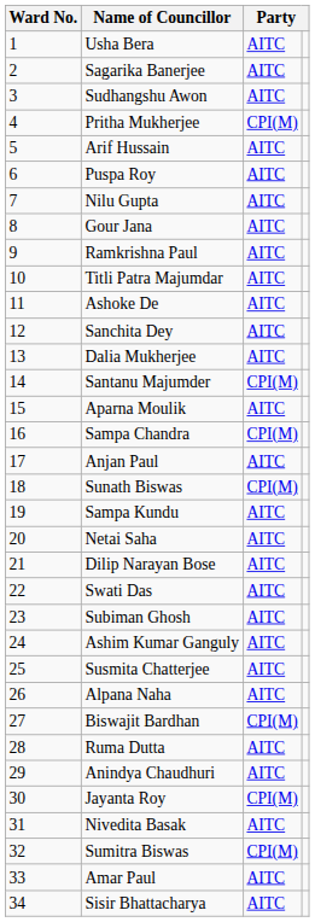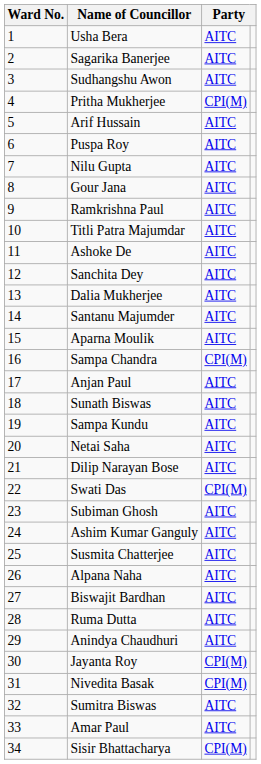 <table class="wikitable">
 <tr>
 <th>Ward No.</th>
 <th>Name of Councillor</th>
 <th colspan="2">Party</th>
 </tr>
 <tr>
 <td>1</td>
 <td>Usha Bera</td>
 <td><a href='#'>AITC</a></td>
 <td style="background-color: "></td>
 </tr>
 <tr>
 <td>2</td>
 <td>Sagarika Banerjee</td>
 <td><a href='#'>AITC</a></td>
 <td style="background-color: "></td>
 </tr>
 <tr>
 <td>3</td>
 <td>Sudhangshu Awon</td>
 <td><a href='#'>AITC</a></td>
 <td style="background-color: "></td>
 </tr>
 <tr>
 <td>4</td>
 <td>Pritha Mukherjee</td>
 <td><a href='#'>CPI(M)</a></td>
 <td style="background-color: "></td>
 </tr>
 <tr>
 <td>5</td>
 <td>Arif Hussain</td>
 <td><a href='#'>AITC</a></td>
 <td style="background-color: "></td>
 </tr>
 <tr>
 <td>6</td>
 <td>Puspa Roy</td>
 <td><a href='#'>AITC</a></td>
 <td style="background-color: "></td>
 </tr>
 <tr>
 <td>7</td>
 <td>Nilu Gupta</td>
 <td><a href='#'>AITC</a></td>
 <td style="background-color: "></td>
 </tr>
 <tr>
 <td>8</td>
 <td>Gour Jana</td>
 <td><a href='#'>AITC</a></td>
 <td style="background-color: "></td>
 </tr>
 <tr>
 <td>9</td>
 <td>Ramkrishna Paul</td>
 <td><a href='#'>AITC</a></td>
 <td style="background-color: "></td>
 </tr>
 <tr>
 <td>10</td>
 <td>Titli Patra Majumdar</td>
 <td><a href='#'>AITC</a></td>
 <td style="background-color: "></td>
 </tr>
 <tr>
 <td>11</td>
 <td>Ashoke De</td>
 <td><a href='#'>AITC</a></td>
 <td style="background-color: "></td>
 </tr>
 <tr>
 <td>12</td>
 <td>Sanchita Dey</td>
 <td><a href='#'>AITC</a></td>
 <td style="background-color: "></td>
 </tr>
 <tr>
 <td>13</td>
 <td>Dalia Mukherjee</td>
 <td><a href='#'>AITC</a></td>
 <td style="background-color: "></td>
 </tr>
 <tr>
 <td>14</td>
 <td>Santanu Majumder</td>
-<td><a href='#'>CPI(M)</a></td>
+<td><a href='#'>AITC</a></td>
 <td style="background-color: "></td>
 </tr>
 <tr>
 <td>15</td>
 <td>Aparna Moulik</td>
 <td><a href='#'>AITC</a></td>
 <td style="background-color: "></td>
 </tr>
 <tr>
 <td>16</td>
 <td>Sampa Chandra</td>
 <td><a href='#'>CPI(M)</a></td>
 <td style="background-color: "></td>
 </tr>
 <tr>
 <td>17</td>
 <td>Anjan Paul</td>
 <td><a href='#'>AITC</a></td>
 <td style="background-color: "></td>
 </tr>
 <tr>
 <td>18</td>
 <td>Sunath Biswas</td>
-<td><a href='#'>CPI(M)</a></td>
+<td><a href='#'>AITC</a></td>
 <td style="background-color: "></td>
 </tr>
 <tr>
 <td>19</td>
 <td>Sampa Kundu</td>
 <td><a href='#'>AITC</a></td>
 <td style="background-color: "></td>
 </tr>
 <tr>
 <td>20</td>
 <td>Netai Saha</td>
 <td><a href='#'>AITC</a></td>
 <td style="background-color: "></td>
 </tr>
 <tr>
 <td>21</td>
 <td>Dilip Narayan Bose</td>
 <td><a href='#'>AITC</a></td>
 <td style="background-color: "></td>
 </tr>
 <tr>
 <td>22</td>
 <td>Swati Das</td>
-<td><a href='#'>AITC</a></td>
+<td><a href='#'>CPI(M)</a></td>
 <td style="background-color: "></td>
 </tr>
 <tr>
 <td>23</td>
 <td>Subiman Ghosh</td>
 <td><a href='#'>AITC</a></td>
 <td style="background-color: "></td>
 </tr>
 <tr>
 <td>24</td>
 <td>Ashim Kumar Ganguly</td>
 <td><a href='#'>AITC</a></td>
 <td style="background-color: "></td>
 </tr>
 <tr>
 <td>25</td>
 <td>Susmita Chatterjee</td>
 <td><a href='#'>AITC</a></td>
 <td style="background-color: "></td>
 </tr>
 <tr>
 <td>26</td>
 <td>Alpana Naha</td>
 <td><a href='#'>AITC</a></td>
 <td style="background-color: "></td>
 </tr>
 <tr>
 <td>27</td>
 <td>Biswajit Bardhan</td>
-<td><a href='#'>CPI(M)</a></td>
+<td><a href='#'>AITC</a></td>
 <td style="background-color: "></td>
 </tr>
 <tr>
 <td>28</td>
 <td>Ruma Dutta</td>
 <td><a href='#'>AITC</a></td>
 <td style="background-color: "></td>
 </tr>
 <tr>
 <td>29</td>
 <td>Anindya Chaudhuri</td>
 <td><a href='#'>AITC</a></td>
 <td style="background-color: "></td>
 </tr>
 <tr>
 <td>30</td>
 <td>Jayanta Roy</td>
 <td><a href='#'>CPI(M)</a></td>
 <td style="background-color: "></td>
 </tr>
 <tr>
 <td>31</td>
 <td>Nivedita Basak</td>
-<td><a href='#'>AITC</a></td>
+<td><a href='#'>CPI(M)</a></td>
 <td style="background-color: "></td>
 </tr>
 <tr>
 <td>32</td>
 <td>Sumitra Biswas</td>
-<td><a href='#'>CPI(M)</a></td>
+<td><a href='#'>AITC</a></td>
 <td style="background-color: "></td>
 </tr>
 <tr>
 <td>33</td>
 <td>Amar Paul</td>
 <td><a href='#'>AITC</a></td>
 <td style="background-color: "></td>
 </tr>
 <tr>
 <td>34</td>
 <td>Sisir Bhattacharya</td>
-<td><a href='#'>AITC</a></td>
+<td><a href='#'>CPI(M)</a></td>
 <td style="background-color: "></td>
 </tr>
 </table>
